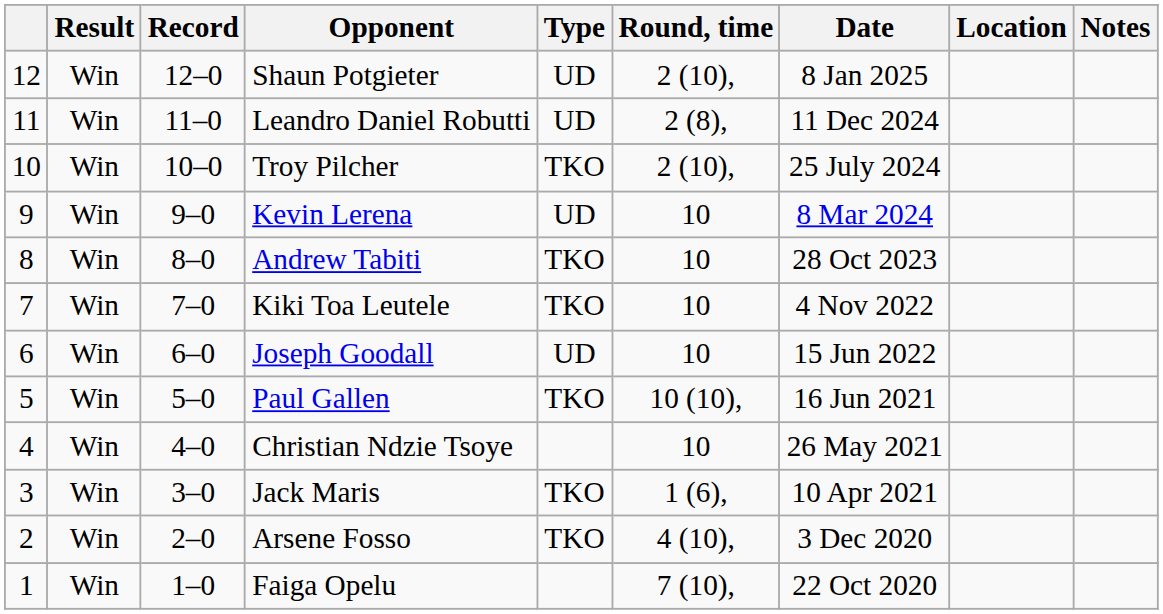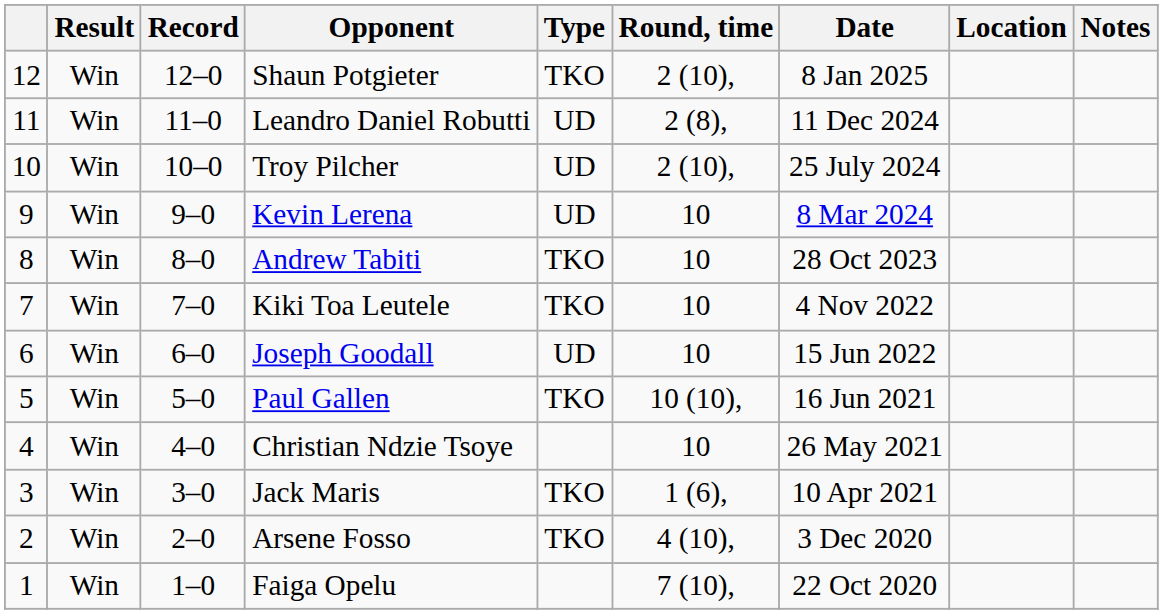 <table class="wikitable" style="text-align:center">
 <tr>
 <th></th>
 <th>Result</th>
 <th>Record</th>
 <th>Opponent</th>
 <th>Type</th>
 <th>Round, time</th>
 <th>Date</th>
 <th>Location</th>
 <th>Notes</th>
 </tr>
 <tr>
 <td>12</td>
 <td>Win</td>
 <td>12–0</td>
 <td style="text-align:left;">Shaun Potgieter</td>
-<td>UD</td>
+<td>TKO</td>
 <td>2 (10), </td>
 <td>8 Jan 2025</td>
 <td style="text-align:left;"></td>
 <td style="text-align:left;"></td>
 </tr>
 <tr>
 <td>11</td>
 <td>Win</td>
 <td>11–0</td>
 <td align="left">Leandro Daniel Robutti</td>
 <td>UD</td>
 <td>2 (8), </td>
 <td>11 Dec 2024</td>
 <td style="text-align:left;”"></td>
 <td></td>
 </tr>
 <tr>
 <td>10</td>
 <td>Win</td>
 <td>10–0</td>
 <td align="left">Troy Pilcher</td>
-<td>TKO</td>
+<td>UD</td>
 <td>2 (10), </td>
 <td>25 July 2024</td>
 <td style="text-align:left;”"></td>
 <td style="text-align:left;"></td>
 </tr>
 <tr>
 <td>9</td>
 <td>Win</td>
 <td>9–0</td>
 <td align=left><a href='#'>Kevin Lerena</a></td>
 <td>UD</td>
 <td>10</td>
 <td><a href='#'>8 Mar 2024</a></td>
 <td style="text-align:left;"></td>
 <td style="text-align:left;"></td>
 </tr>
 <tr>
 <td>8</td>
 <td>Win</td>
 <td>8–0</td>
 <td align=left><a href='#'>Andrew Tabiti</a></td>
 <td>TKO</td>
 <td>10</td>
 <td>28 Oct 2023</td>
 <td style="text-align:left;"></td>
 <td style="text-align:left;"></td>
 </tr>
 <tr>
 <td>7</td>
 <td>Win</td>
 <td>7–0</td>
 <td align=left>Kiki Toa Leutele</td>
 <td>TKO</td>
 <td>10</td>
 <td>4 Nov 2022</td>
 <td style="text-align:left;"></td>
 <td style="text-align:left;"></td>
 </tr>
 <tr>
 <td>6</td>
 <td>Win</td>
 <td>6–0</td>
 <td align=left><a href='#'>Joseph Goodall</a></td>
 <td>UD</td>
 <td>10</td>
 <td>15 Jun 2022</td>
 <td style="text-align:left;"></td>
 <td style="text-align:left;"></td>
 </tr>
 <tr>
 <td>5</td>
 <td>Win</td>
 <td>5–0</td>
 <td style="text-align:left;"><a href='#'>Paul Gallen</a></td>
 <td>TKO</td>
 <td>10 (10), </td>
 <td>16 Jun 2021</td>
 <td style="text-align:left;"></td>
 <td style="text-align:left;"></td>
 </tr>
 <tr>
 <td>4</td>
 <td>Win</td>
 <td>4–0</td>
 <td style="text-align:left;">Christian Ndzie Tsoye</td>
 <td></td>
 <td>10</td>
 <td>26 May 2021</td>
 <td style="text-align:left;"></td>
 <td style="text-align:left;"></td>
 </tr>
 <tr>
 <td>3</td>
 <td>Win</td>
 <td>3–0</td>
 <td style="text-align:left;">Jack Maris</td>
 <td>TKO</td>
 <td>1 (6), </td>
 <td>10 Apr 2021</td>
 <td style="text-align:left;"></td>
 <td></td>
 </tr>
 <tr>
 <td>2</td>
 <td>Win</td>
 <td>2–0</td>
 <td style="text-align:left;">Arsene Fosso</td>
 <td>TKO</td>
 <td>4 (10), </td>
 <td>3 Dec 2020</td>
 <td style="text-align:left;"></td>
 <td style="text-align:left;"></td>
 </tr>
 <tr>
 <td>1</td>
 <td>Win</td>
 <td>1–0</td>
 <td style="text-align:left;">Faiga Opelu</td>
 <td></td>
 <td>7 (10), </td>
 <td>22 Oct 2020</td>
 <td style="text-align:left;"></td>
 <td style="text-align:left;"></td>
 </tr>
 </table>
